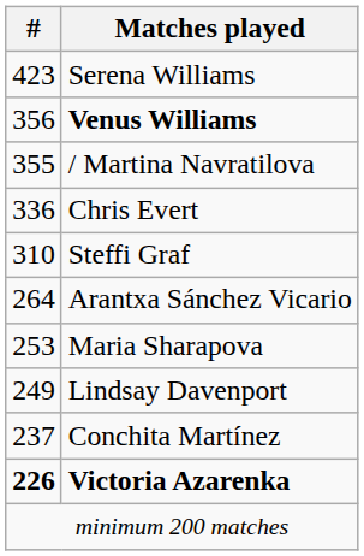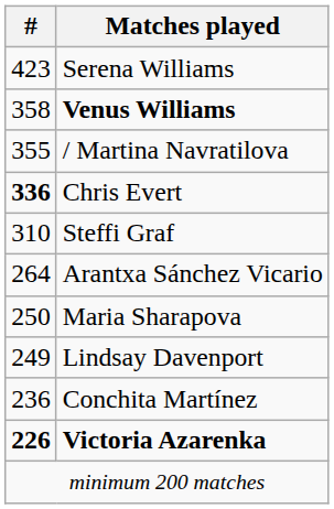 <table class="wikitable" style="display:inline-table;">
 <tr>
 <th>#</th>
 <th>Matches played</th>
 </tr>
 <tr>
 <td>423</td>
 <td> Serena Williams</td>
 </tr>
 <tr>
-<td>356</td>
+<td>358</td>
 <td> <strong>Venus Williams</strong></td>
 </tr>
 <tr>
 <td>355</td>
 <td>/ Martina Navratilova</td>
 </tr>
 <tr>
-<td>336</td>
+<td><strong>336</strong></td>
 <td> Chris Evert</td>
 </tr>
 <tr>
 <td>310</td>
 <td> Steffi Graf</td>
 </tr>
 <tr>
 <td>264</td>
 <td> Arantxa Sánchez Vicario</td>
 </tr>
 <tr>
-<td>253</td>
+<td>250</td>
 <td> Maria Sharapova</td>
 </tr>
 <tr>
 <td>249</td>
 <td> Lindsay Davenport</td>
 </tr>
 <tr>
-<td>237</td>
+<td>236</td>
 <td> Conchita Martínez</td>
 </tr>
 <tr>
 <td><strong>226</strong></td>
 <td> <strong>Victoria Azarenka</strong></td>
 </tr>
 <tr>
 <td colspan="4" style="text-align: center;"><small><em>minimum 200 matches</em></small></td>
 </tr>
 </table>
